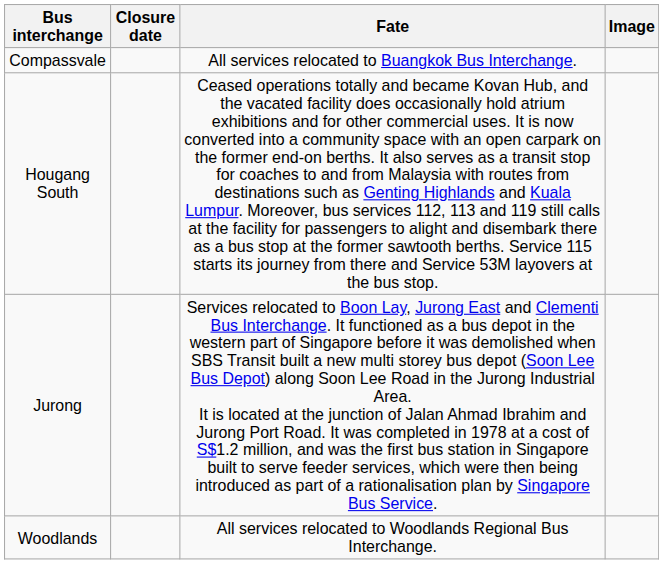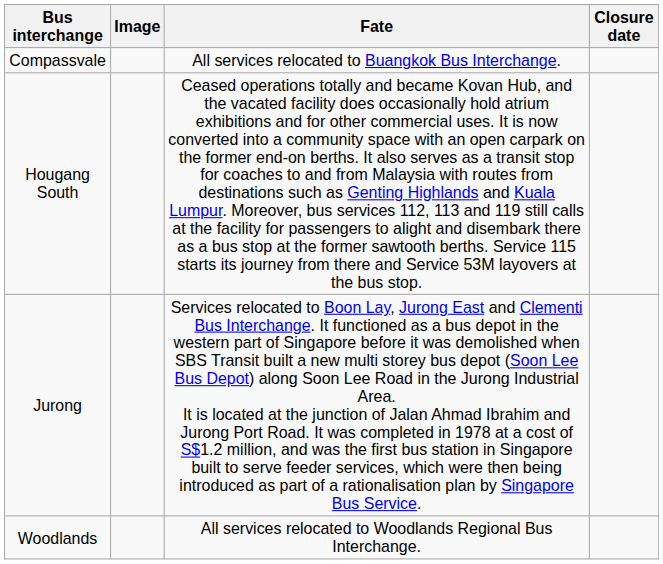 <table class="wikitable sortable sort-under-center" style="margin:auto; font-size:95%; align:center; text-align:center">
 <tr>
 <th>Bus interchange</th>
+<th>Image</th>
+<th>Fate</th>
 <th>Closure date</th>
-<th>Fate</th>
-<th>Image</th>
 </tr>
 <tr>
 <td>Compassvale</td>
 <td></td>
 <td>All services relocated to <a href='#'>Buangkok Bus Interchange</a>.</td>
 <td></td>
 </tr>
 <tr>
 <td>Hougang South</td>
 <td></td>
 <td>Ceased operations totally and became Kovan Hub, and the vacated facility does occasionally hold atrium exhibitions and for other commercial uses. It is now converted into a community space with an open carpark on the former end-on berths. It also serves as a transit stop for coaches to and from Malaysia with routes from destinations such as <a href='#'>Genting Highlands</a> and <a href='#'>Kuala Lumpur</a>. Moreover, bus services 112, 113 and 119 still calls at the facility for passengers to alight and disembark there as a bus stop at the former sawtooth berths. Service 115 starts its journey from there and Service 53M layovers at the bus stop.</td>
 <td></td>
 </tr>
 <tr>
 <td>Jurong</td>
 <td></td>
 <td>Services relocated to <a href='#'>Boon Lay</a>, <a href='#'>Jurong East</a> and <a href='#'>Clementi Bus Interchange</a>. It functioned as a bus depot in the western part of Singapore before it was demolished when SBS Transit built a new multi storey bus depot (<a href='#'>Soon Lee Bus Depot</a>) along Soon Lee Road in the Jurong Industrial Area.<br>It is located at the junction of Jalan Ahmad Ibrahim and Jurong Port Road. It was completed in 1978 at a cost of <a href='#'>S$</a>1.2 million, and was the first bus station in Singapore built to serve feeder services, which were then being introduced as part of a rationalisation plan by <a href='#'>Singapore Bus Service</a>.</td>
 <td></td>
 </tr>
 <tr>
 <td>Woodlands</td>
 <td></td>
 <td>All services relocated to Woodlands Regional Bus Interchange.</td>
 <td></td>
 </tr>
 </table>
